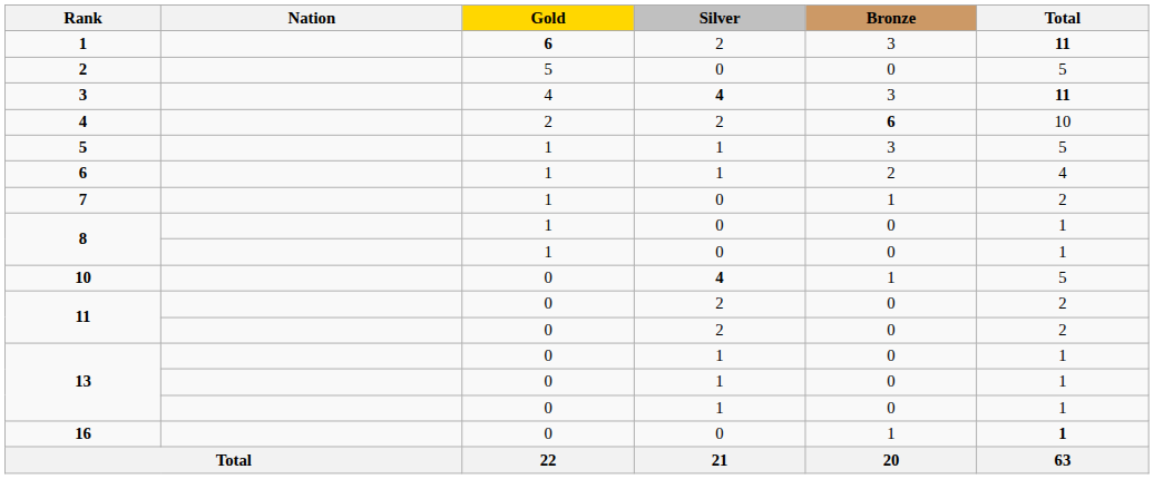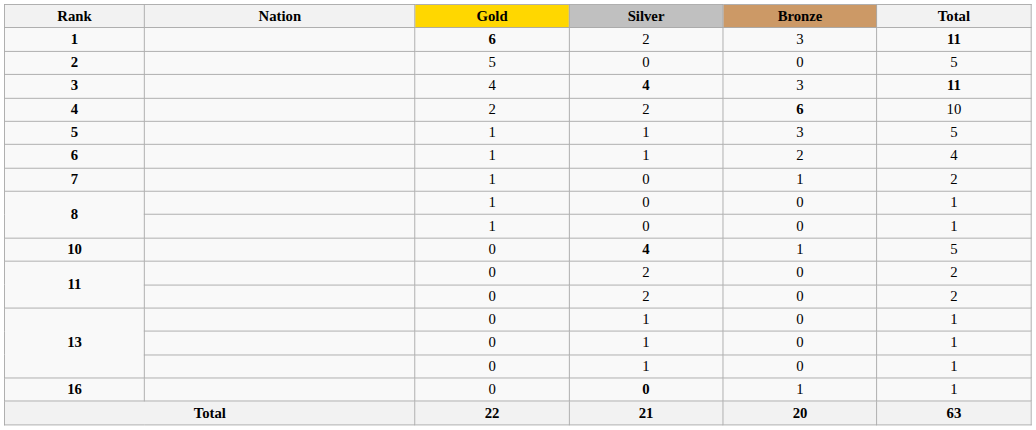 <table class="wikitable collapsible autocollapse plainrowheaders" width=70.5% style="text-align:center;">
 <tr style="background-color:#EDEDED;">
 <th width=100px class="hintergrundfarbe5">Rank</th>
 <th width=200px class="hintergrundfarbe6">Nation</th>
 <th style="background:    gold; width:15%">Gold</th>
 <th style="background:  silver; width:15%">Silver</th>
 <th style="background: #CC9966; width:15%">Bronze</th>
 <th class="hintergrundfarbe6" style="width:15%">Total</th>
 </tr>
 <tr>
 <td><strong>1</strong></td>
 <td align=left></td>
 <td><strong>6</strong></td>
 <td>2</td>
 <td>3</td>
 <td><strong>11</strong></td>
 </tr>
 <tr>
 <td><strong>2</strong></td>
 <td align=left><em></em></td>
 <td>5</td>
 <td>0</td>
 <td>0</td>
 <td>5</td>
 </tr>
 <tr>
 <td><strong>3</strong></td>
 <td align=left></td>
 <td>4</td>
 <td><strong>4</strong></td>
 <td>3</td>
 <td><strong>11</strong></td>
 </tr>
 <tr>
 <td><strong>4</strong></td>
 <td align=left></td>
 <td>2</td>
 <td>2</td>
 <td><strong>6</strong></td>
 <td>10</td>
 </tr>
 <tr>
 <td><strong>5</strong></td>
 <td align=left></td>
 <td>1</td>
 <td>1</td>
 <td>3</td>
 <td>5</td>
 </tr>
 <tr>
 <td><strong>6</strong></td>
 <td align=left></td>
 <td>1</td>
 <td>1</td>
 <td>2</td>
 <td>4</td>
 </tr>
 <tr>
 <td><strong>7</strong></td>
 <td align=left></td>
 <td>1</td>
 <td>0</td>
 <td>1</td>
 <td>2</td>
 </tr>
 <tr>
 <td rowspan=2><strong>8</strong></td>
 <td align=left></td>
 <td>1</td>
 <td>0</td>
 <td>0</td>
 <td>1</td>
 </tr>
 <tr>
 <td align=left></td>
 <td>1</td>
 <td>0</td>
 <td>0</td>
 <td>1</td>
 </tr>
 <tr>
 <td><strong>10</strong></td>
 <td align=left></td>
 <td>0</td>
 <td><strong>4</strong></td>
 <td>1</td>
 <td>5</td>
 </tr>
 <tr>
 <td rowspan=2><strong>11</strong></td>
 <td align=left></td>
 <td>0</td>
 <td>2</td>
 <td>0</td>
 <td>2</td>
 </tr>
 <tr>
 <td align=left></td>
 <td>0</td>
 <td>2</td>
 <td>0</td>
 <td>2</td>
 </tr>
 <tr>
 <td rowspan=3><strong>13</strong></td>
 <td align=left></td>
 <td>0</td>
 <td>1</td>
 <td>0</td>
 <td>1</td>
 </tr>
 <tr>
 <td align=left></td>
 <td>0</td>
 <td>1</td>
 <td>0</td>
 <td>1</td>
 </tr>
 <tr>
 <td align=left></td>
 <td>0</td>
 <td>1</td>
 <td>0</td>
 <td>1</td>
 </tr>
 <tr>
 <td><strong>16</strong></td>
 <td align=left><em></em></td>
 <td>0</td>
-<td>0</td>
+<td><strong>0</strong></td>
 <td>1</td>
-<td><strong>1</strong></td>
+<td>1</td>
 </tr>
 <tr>
 <th colspan=2>Total</th>
 <th>22</th>
 <th>21</th>
 <th>20</th>
 <th>63</th>
 </tr>
 </table>
